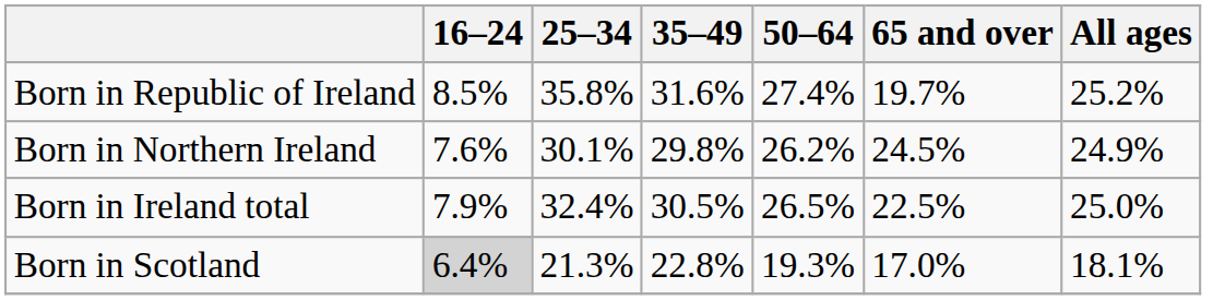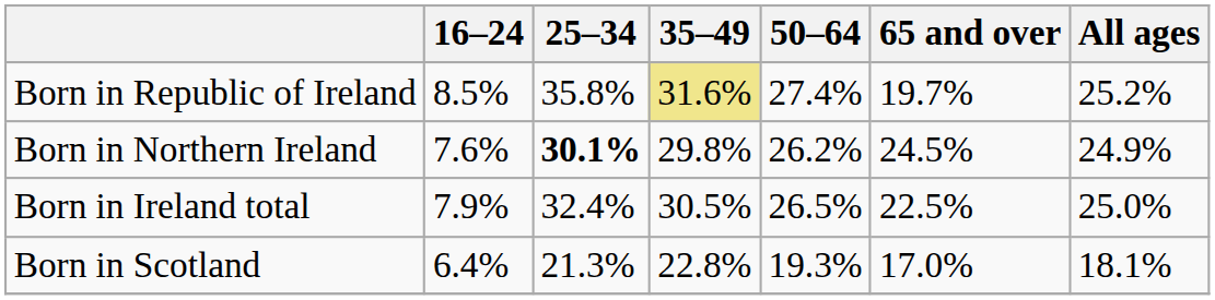 <table class="wikitable">
 <tr>
 <th></th>
 <th>16–24</th>
 <th>25–34</th>
 <th>35–49</th>
 <th>50–64</th>
 <th>65 and over</th>
 <th>All ages</th>
 </tr>
 <tr>
 <td>Born in Republic of Ireland</td>
 <td>8.5%</td>
 <td>35.8%</td>
-<td>31.6%</td>
+<td style="background: khaki;">31.6%</td>
 <td>27.4%</td>
 <td>19.7%</td>
 <td>25.2%</td>
 </tr>
 <tr>
 <td>Born in Northern Ireland</td>
 <td>7.6%</td>
-<td>30.1%</td>
+<td><strong>30.1%</strong></td>
 <td>29.8%</td>
 <td>26.2%</td>
 <td>24.5%</td>
 <td>24.9%</td>
 </tr>
 <tr>
 <td>Born in Ireland total</td>
 <td>7.9%</td>
 <td>32.4%</td>
 <td>30.5%</td>
 <td>26.5%</td>
 <td>22.5%</td>
 <td>25.0%</td>
 </tr>
 <tr>
 <td>Born in Scotland</td>
-<td style="background: lightgrey;">6.4%</td>
+<td>6.4%</td>
 <td>21.3%</td>
 <td>22.8%</td>
 <td>19.3%</td>
 <td>17.0%</td>
 <td>18.1%</td>
 </tr>
 <tr>
 </tr>
 </table>
